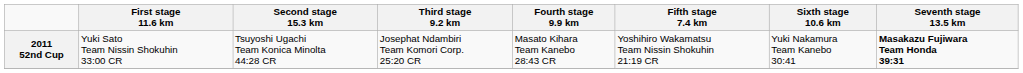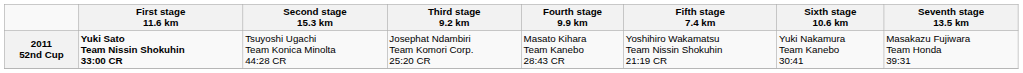 <table class="wikitable" style="text-align:left; width:105%; align:top;">
 <tr>
 <td></td>
 <th scope="col">First stage<br>11.6 km</th>
 <th scope="col">Second stage<br>15.3 km</th>
 <th scope="col">Third stage<br>9.2 km</th>
 <th scope="col">Fourth stage<br>9.9 km</th>
 <th scope="col">Fifth stage<br>7.4 km</th>
 <th scope="col">Sixth stage<br>10.6 km</th>
 <th scope="col">Seventh stage<br>13.5 km</th>
 </tr>
 <tr>
 <th scope="row">2011<br> 52nd Cup</th>
-<td>Yuki Sato <br>Team Nissin Shokuhin<br>33:00 CR</td>
+<td><strong>Yuki Sato <br>Team Nissin Shokuhin<br>33:00 CR</strong></td>
 <td>Tsuyoshi Ugachi <br>Team Konica Minolta<br>44:28 CR</td>
 <td>Josephat Ndambiri<br>Team Komori Corp.<br>25:20 CR</td>
 <td>Masato Kihara <br>Team Kanebo<br>28:43 CR</td>
 <td>Yoshihiro Wakamatsu <br>Team Nissin Shokuhin<br>21:19 CR</td>
 <td>Yuki Nakamura <br>Team Kanebo<br>30:41</td>
-<td><strong>Masakazu Fujiwara <br>Team Honda<br>39:31</strong></td>
+<td>Masakazu Fujiwara <br>Team Honda<br>39:31</td>
 </tr>
 <tr>
 </tr>
 </table>
